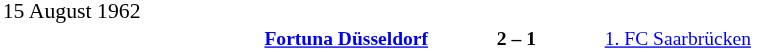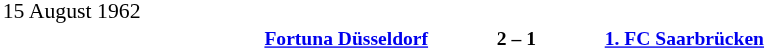 <table width=100% cellspacing=1>
 <tr>
 <th width=25%></th>
 <th width=10%></th>
 <th width=25%></th>
 <th></th>
 </tr>
 <tr>
 <td>15 August 1962</td>
 </tr>
 <tr style=font-size:90%>
 <td align=right><strong><a href='#'>Fortuna Düsseldorf</a></strong></td>
 <td align=center><strong>2 – 1</strong></td>
-<td><a href='#'>1. FC Saarbrücken</a></td>
+<td><strong><a href='#'>1. FC Saarbrücken</a></strong></td>
 </tr>
 </table>
